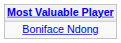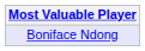 <table class=wikitable style="text-align:center; margin:auto">
 <tr>
 <th><a href='#'>Most Valuable Player</a></th>
 </tr>
 <tr>
-<td> <a href='#'>Boniface Ndong</a></td>
+<td style="background: lavender;"> <a href='#'>Boniface Ndong</a></td>
 </tr>
 </table>
